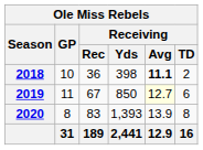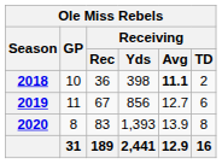 <table class="wikitable" style="text-align: center;">
 <tr>
 <th colspan="7">Ole Miss Rebels</th>
 </tr>
 <tr>
 <th rowspan="2">Season</th>
 <th rowspan="2">GP</th>
 <th colspan="4">Receiving</th>
 </tr>
 <tr>
 <th>Rec</th>
 <th>Yds</th>
 <th>Avg</th>
 <th>TD</th>
 </tr>
 <tr>
 <th><a href='#'>2018</a></th>
 <td>10</td>
 <td>36</td>
 <td>398</td>
 <td><strong>11.1</strong></td>
 <td>2</td>
 </tr>
 <tr>
 <th><a href='#'>2019</a></th>
 <td>11</td>
 <td>67</td>
-<td>850</td>
-<td style="background: lightyellow;">12.7</td>
+<td>856</td>
+<td>12.7</td>
 <td>6</td>
 </tr>
 <tr>
 <th><a href='#'>2020</a></th>
 <td>8</td>
 <td>83</td>
 <td>1,393</td>
 <td>13.9</td>
 <td>8</td>
 </tr>
 <tr>
 <th></th>
 <th>31</th>
 <th>189</th>
 <th>2,441</th>
 <th>12.9</th>
 <th>16</th>
 </tr>
 </table>
